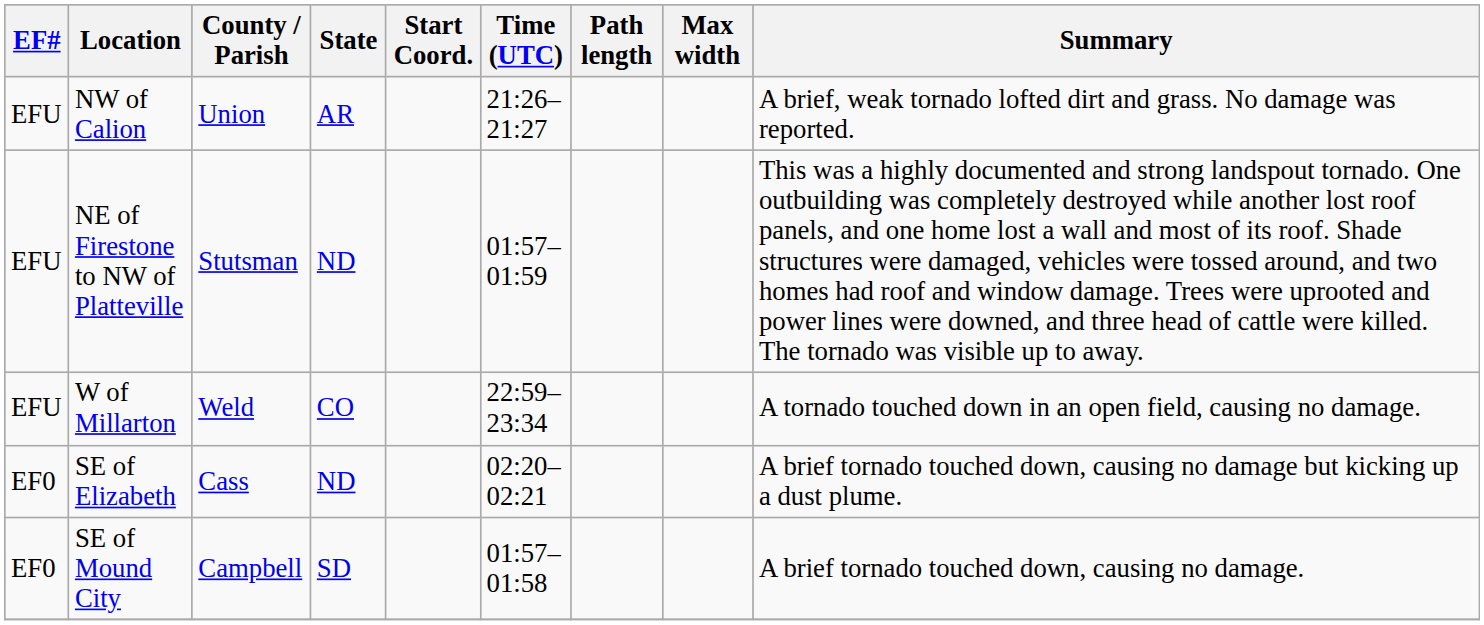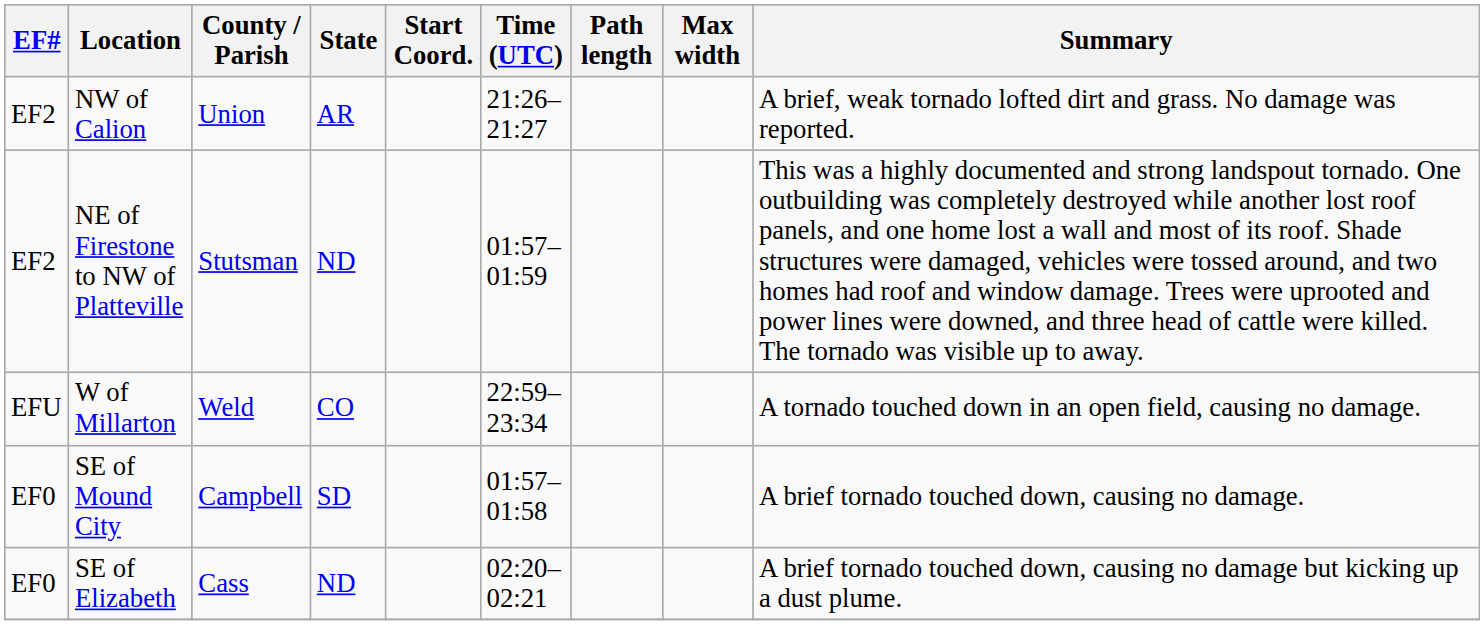 <table class="wikitable sortable" style="width:100%;">
 <tr>
 <th scope="col"  style="width:3%; text-align:center;"><a href='#'>EF#</a></th>
 <th scope="col"  style="width:7%; text-align:center;" class="unsortable">Location</th>
 <th scope="col"  style="width:6%; text-align:center;" class="unsortable">County / Parish</th>
 <th scope="col"  style="width:5%; text-align:center;">State</th>
 <th scope="col"  style="width:6%; text-align:center;">Start Coord.</th>
 <th scope="col"  style="width:6%; text-align:center;">Time (<a href='#'>UTC</a>)</th>
 <th scope="col"  style="width:6%; text-align:center;">Path length</th>
 <th scope="col"  style="width:6%; text-align:center;">Max width</th>
 <th scope="col" class="unsortable" style="width:48%; text-align:center;">Summary</th>
 </tr>
 <tr>
-<td>EFU</td>
+<td>EF2</td>
 <td>NW of <a href='#'>Calion</a></td>
 <td><a href='#'>Union</a></td>
 <td><a href='#'>AR</a></td>
 <td></td>
 <td>21:26–21:27</td>
 <td></td>
 <td></td>
 <td>A brief, weak tornado lofted dirt and grass. No damage was reported.</td>
 </tr>
 <tr>
-<td>EFU</td>
+<td>EF2</td>
 <td>NE of <a href='#'>Firestone</a> to NW of <a href='#'>Platteville</a></td>
 <td><a href='#'>Stutsman</a></td>
 <td><a href='#'>ND</a></td>
 <td></td>
 <td>01:57–01:59</td>
 <td></td>
 <td></td>
 <td>This was a highly documented and strong landspout tornado. One outbuilding was completely destroyed while another lost roof panels, and one home lost a wall and most of its roof. Shade structures were damaged, vehicles were tossed around, and two homes had roof and window damage. Trees were uprooted and power lines were downed, and three head of cattle were killed. The tornado was visible up to  away.</td>
 </tr>
 <tr>
 <td>EFU</td>
 <td>W of <a href='#'>Millarton</a></td>
 <td><a href='#'>Weld</a></td>
 <td><a href='#'>CO</a></td>
 <td></td>
 <td>22:59–23:34</td>
 <td></td>
 <td></td>
 <td>A tornado touched down in an open field, causing no damage.</td>
 </tr>
 <tr>
 <td>EF0</td>
+<td>SE of <a href='#'>Mound City</a></td>
+<td><a href='#'>Campbell</a></td>
+<td><a href='#'>SD</a></td>
+<td></td>
+<td>01:57–01:58</td>
+<td></td>
+<td></td>
+<td>A brief tornado touched down, causing no damage.</td>
+</tr>
+<tr>
+<td>EF0</td>
 <td>SE of <a href='#'>Elizabeth</a></td>
 <td><a href='#'>Cass</a></td>
 <td><a href='#'>ND</a></td>
 <td></td>
 <td>02:20–02:21</td>
 <td></td>
 <td></td>
 <td>A brief tornado touched down, causing no damage but kicking up a dust plume.</td>
 </tr>
 <tr>
-<td>EF0</td>
-<td>SE of <a href='#'>Mound City</a></td>
-<td><a href='#'>Campbell</a></td>
-<td><a href='#'>SD</a></td>
-<td></td>
-<td>01:57–01:58</td>
-<td></td>
-<td></td>
-<td>A brief tornado touched down, causing no damage.</td>
-</tr>
-<tr>
 </tr>
 </table>
